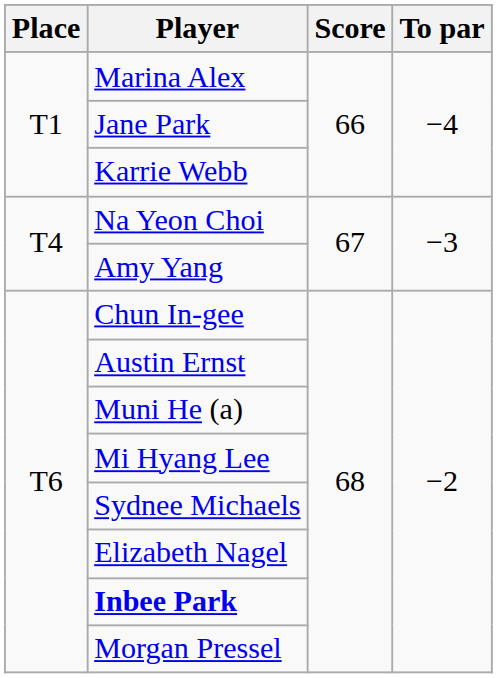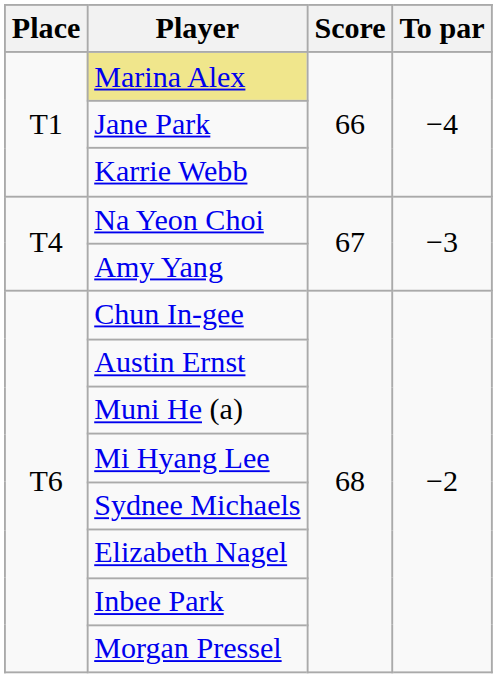 <table class="wikitable">
 <tr>
 <th>Place</th>
 <th>Player</th>
 <th>Score</th>
 <th>To par</th>
 </tr>
 <tr>
 <td rowspan=3 align=center>T1</td>
-<td> <a href='#'>Marina Alex</a></td>
+<td style="background: khaki;"> <a href='#'>Marina Alex</a></td>
 <td rowspan=3 align=center>66</td>
 <td rowspan=3 align=center>−4</td>
 </tr>
 <tr>
 <td> <a href='#'>Jane Park</a></td>
 </tr>
 <tr>
 <td> <a href='#'>Karrie Webb</a></td>
 </tr>
 <tr>
 <td rowspan=2 align=center>T4</td>
 <td> <a href='#'>Na Yeon Choi</a></td>
 <td rowspan=2 align=center>67</td>
 <td rowspan=2 align=center>−3</td>
 </tr>
 <tr>
 <td> <a href='#'>Amy Yang</a></td>
 </tr>
 <tr>
 <td rowspan=8 align=center>T6</td>
 <td> <a href='#'>Chun In-gee</a></td>
 <td rowspan=8 align=center>68</td>
 <td rowspan=8 align=center>−2</td>
 </tr>
 <tr>
 <td> <a href='#'>Austin Ernst</a></td>
 </tr>
 <tr>
 <td> <a href='#'>Muni He</a> (a)</td>
 </tr>
 <tr>
 <td> <a href='#'>Mi Hyang Lee</a></td>
 </tr>
 <tr>
 <td> <a href='#'>Sydnee Michaels</a></td>
 </tr>
 <tr>
 <td> <a href='#'>Elizabeth Nagel</a></td>
 </tr>
 <tr>
-<td><strong> <a href='#'>Inbee Park</a></strong></td>
+<td> <a href='#'>Inbee Park</a></td>
 </tr>
 <tr>
 <td> <a href='#'>Morgan Pressel</a></td>
 </tr>
 </table>
